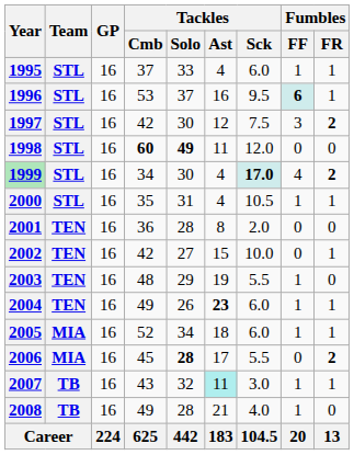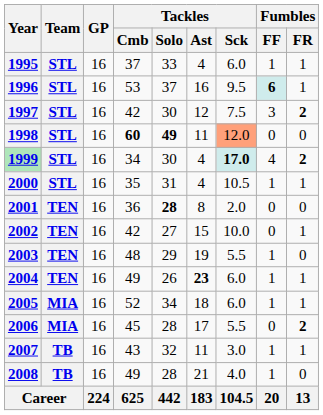 <table class="wikitable" style="text-align:center;">
 <tr>
 <th rowspan="2">Year</th>
 <th rowspan="2">Team</th>
 <th rowspan="2">GP</th>
 <th colspan="4">Tackles</th>
 <th colspan="2">Fumbles</th>
 </tr>
 <tr>
 <th>Cmb</th>
 <th>Solo</th>
 <th>Ast</th>
 <th>Sck</th>
 <th>FF</th>
 <th>FR</th>
 </tr>
 <tr>
 <th><a href='#'>1995</a></th>
 <th><a href='#'>STL</a></th>
 <td>16</td>
 <td>37</td>
 <td>33</td>
 <td>4</td>
 <td>6.0</td>
 <td>1</td>
 <td>1</td>
 </tr>
 <tr>
 <th><a href='#'>1996</a></th>
 <th><a href='#'>STL</a></th>
 <td>16</td>
 <td>53</td>
 <td>37</td>
 <td>16</td>
 <td>9.5</td>
 <td style="background:#cfecec;"><strong>6</strong></td>
 <td>1</td>
 </tr>
 <tr>
 <th><a href='#'>1997</a></th>
 <th><a href='#'>STL</a></th>
 <td>16</td>
 <td>42</td>
 <td>30</td>
 <td>12</td>
 <td>7.5</td>
 <td>3</td>
 <td><strong>2</strong></td>
 </tr>
 <tr>
 <th><a href='#'>1998</a></th>
 <th><a href='#'>STL</a></th>
 <td>16</td>
 <td><strong>60</strong></td>
 <td><strong>49</strong></td>
 <td>11</td>
-<td>12.0</td>
+<td style="background: lightsalmon;">12.0</td>
 <td>0</td>
 <td>0</td>
 </tr>
 <tr>
 <th style="background:#afe6ba;"><a href='#'>1999</a></th>
 <th><a href='#'>STL</a></th>
 <td>16</td>
 <td>34</td>
 <td>30</td>
 <td>4</td>
 <td style="background:#cfecec;"><strong>17.0</strong></td>
 <td>4</td>
 <td><strong>2</strong></td>
 </tr>
 <tr>
 <th><a href='#'>2000</a></th>
 <th><a href='#'>STL</a></th>
 <td>16</td>
 <td>35</td>
 <td>31</td>
 <td>4</td>
 <td>10.5</td>
 <td>1</td>
 <td>1</td>
 </tr>
 <tr>
 <th><a href='#'>2001</a></th>
 <th><a href='#'>TEN</a></th>
 <td>16</td>
 <td>36</td>
-<td>28</td>
+<td><strong>28</strong></td>
 <td>8</td>
 <td>2.0</td>
 <td>0</td>
 <td>0</td>
 </tr>
 <tr>
 <th><a href='#'>2002</a></th>
 <th><a href='#'>TEN</a></th>
 <td>16</td>
 <td>42</td>
 <td>27</td>
 <td>15</td>
 <td>10.0</td>
 <td>0</td>
 <td>1</td>
 </tr>
 <tr>
 <th><a href='#'>2003</a></th>
 <th><a href='#'>TEN</a></th>
 <td>16</td>
 <td>48</td>
 <td>29</td>
 <td>19</td>
 <td>5.5</td>
 <td>1</td>
 <td>0</td>
 </tr>
 <tr>
 <th><a href='#'>2004</a></th>
 <th><a href='#'>TEN</a></th>
 <td>16</td>
 <td>49</td>
 <td>26</td>
 <td><strong>23</strong></td>
 <td>6.0</td>
 <td>1</td>
 <td>1</td>
 </tr>
 <tr>
 <th><a href='#'>2005</a></th>
 <th><a href='#'>MIA</a></th>
 <td>16</td>
 <td>52</td>
 <td>34</td>
 <td>18</td>
 <td>6.0</td>
 <td>1</td>
 <td>1</td>
 </tr>
 <tr>
 <th><a href='#'>2006</a></th>
 <th><a href='#'>MIA</a></th>
 <td>16</td>
 <td>45</td>
-<td><strong>28</strong></td>
+<td>28</td>
 <td>17</td>
 <td>5.5</td>
 <td>0</td>
 <td><strong>2</strong></td>
 </tr>
 <tr>
 <th><a href='#'>2007</a></th>
 <th><a href='#'>TB</a></th>
 <td>16</td>
 <td>43</td>
 <td>32</td>
-<td style="background: paleturquoise;">11</td>
+<td>11</td>
 <td>3.0</td>
 <td>1</td>
 <td>1</td>
 </tr>
 <tr>
 <th><a href='#'>2008</a></th>
 <th><a href='#'>TB</a></th>
 <td>16</td>
 <td>49</td>
 <td>28</td>
 <td>21</td>
 <td>4.0</td>
 <td>1</td>
 <td>0</td>
 </tr>
 <tr>
 <th colspan="2">Career</th>
 <th>224</th>
 <th>625</th>
 <th>442</th>
 <th>183</th>
 <th>104.5</th>
 <th>20</th>
 <th>13</th>
 </tr>
 </table>
